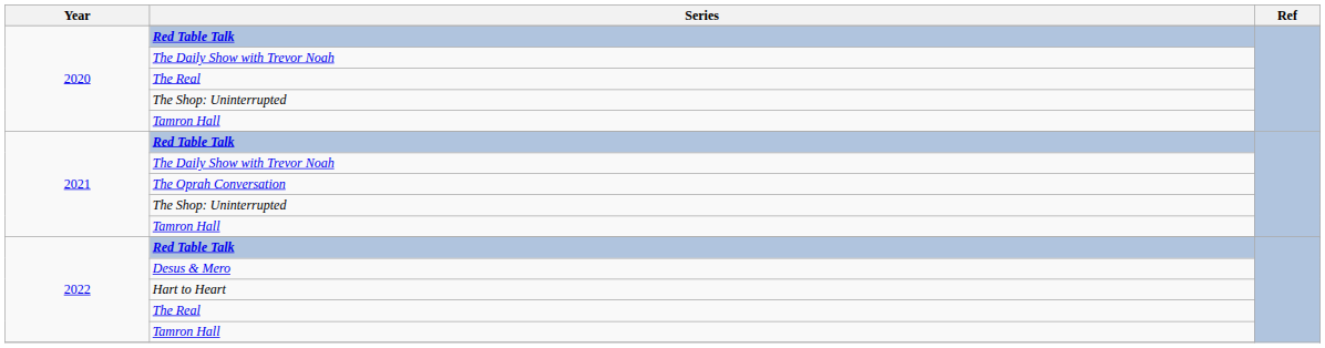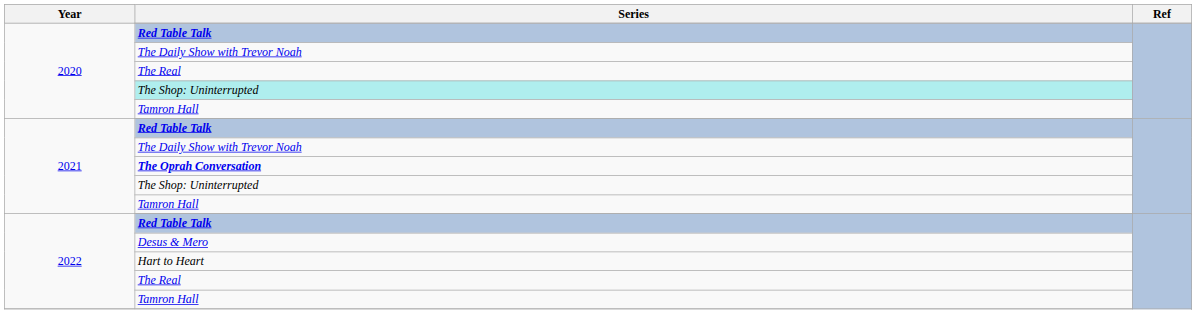 <table class="wikitable" style="width:100%;">
 <tr style="background:#bebebe;">
 <th style="width:11%;">Year</th>
 <th style="width:84%;">Series</th>
 <th style="width:5%;">Ref</th>
 </tr>
 <tr>
 <td rowspan="6" align="center"><a href='#'>2020</a></td>
 </tr>
 <tr style="background:#B0C4DE">
 <td><strong><em><a href='#'>Red Table Talk</a></em></strong></td>
 <td rowspan="6" align="center"></td>
 </tr>
 <tr>
 <td><em><a href='#'>The Daily Show with Trevor Noah</a></em></td>
 </tr>
 <tr>
 <td><em><a href='#'>The Real</a></em></td>
 </tr>
 <tr>
-<td><em>The Shop: Uninterrupted</em></td>
+<td style="background: paleturquoise;"><em>The Shop: Uninterrupted</em></td>
 </tr>
 <tr>
 <td><em><a href='#'>Tamron Hall</a></em></td>
 </tr>
 <tr>
 <td rowspan="6" align="center"><a href='#'>2021</a></td>
 </tr>
 <tr style="background:#B0C4DE">
 <td><strong><em><a href='#'>Red Table Talk</a></em></strong></td>
 <td rowspan="6" align="center"></td>
 </tr>
 <tr>
 <td><em><a href='#'>The Daily Show with Trevor Noah</a></em></td>
 </tr>
 <tr>
-<td><em><a href='#'>The Oprah Conversation</a></em></td>
+<td><strong><em><a href='#'>The Oprah Conversation</a></em></strong></td>
 </tr>
 <tr>
 <td><em>The Shop: Uninterrupted</em></td>
 </tr>
 <tr>
 <td><em><a href='#'>Tamron Hall</a></em></td>
 </tr>
 <tr>
 <td rowspan="6" align="center"><a href='#'>2022</a></td>
 </tr>
 <tr style="background:#B0C4DE">
 <td><strong><em><a href='#'>Red Table Talk</a></em></strong></td>
 <td rowspan="6" align="center"></td>
 </tr>
 <tr>
 <td><em><a href='#'>Desus & Mero</a></em></td>
 </tr>
 <tr>
 <td><em>Hart to Heart</em></td>
 </tr>
 <tr>
 <td><em><a href='#'>The Real</a></em></td>
 </tr>
 <tr>
 <td><em><a href='#'>Tamron Hall</a></em></td>
 </tr>
 <tr>
 </tr>
 </table>
